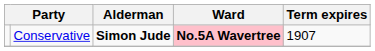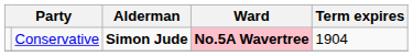 <table class="wikitable">
 <tr>
 <th colspan="2">Party</th>
 <th>Alderman</th>
 <th>Ward</th>
 <th>Term expires</th>
 </tr>
 <tr>
 <td style="background-color:"></td>
 <td><a href='#'>Conservative</a></td>
 <td><strong>Simon Jude</strong></td>
 <td style="background: pink;"><strong>No.5A Wavertree</strong></td>
-<td>1907</td>
+<td>1904</td>
 </tr>
 <tr>
 </tr>
 </table>
